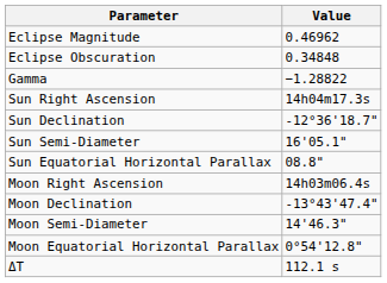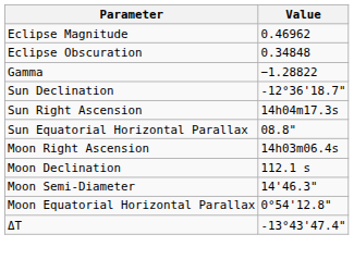 <table class="wikitable">
 <tr>
 <th>Parameter</th>
 <th>Value</th>
 </tr>
 <tr>
 <td>Eclipse Magnitude</td>
 <td>0.46962</td>
 </tr>
 <tr>
 <td>Eclipse Obscuration</td>
 <td>0.34848</td>
 </tr>
 <tr>
 <td>Gamma</td>
 <td>−1.28822</td>
 </tr>
 <tr>
-<td>Sun Right Ascension</td>
-<td>14h04m17.3s</td>
-</tr>
-<tr>
 <td>Sun Declination</td>
 <td>-12°36'18.7"</td>
 </tr>
 <tr>
-<td>Sun Semi-Diameter</td>
-<td>16'05.1"</td>
+<td>Sun Right Ascension</td>
+<td>14h04m17.3s</td>
 </tr>
 <tr>
 <td>Sun Equatorial Horizontal Parallax</td>
 <td>08.8"</td>
 </tr>
 <tr>
 <td>Moon Right Ascension</td>
 <td>14h03m06.4s</td>
 </tr>
 <tr>
 <td>Moon Declination</td>
-<td>-13°43'47.4"</td>
+<td>112.1 s</td>
 </tr>
 <tr>
 <td>Moon Semi-Diameter</td>
 <td>14'46.3"</td>
 </tr>
 <tr>
 <td>Moon Equatorial Horizontal Parallax</td>
 <td>0°54'12.8"</td>
 </tr>
 <tr>
 <td>ΔT</td>
-<td>112.1 s</td>
+<td>-13°43'47.4"</td>
 </tr>
 </table>
